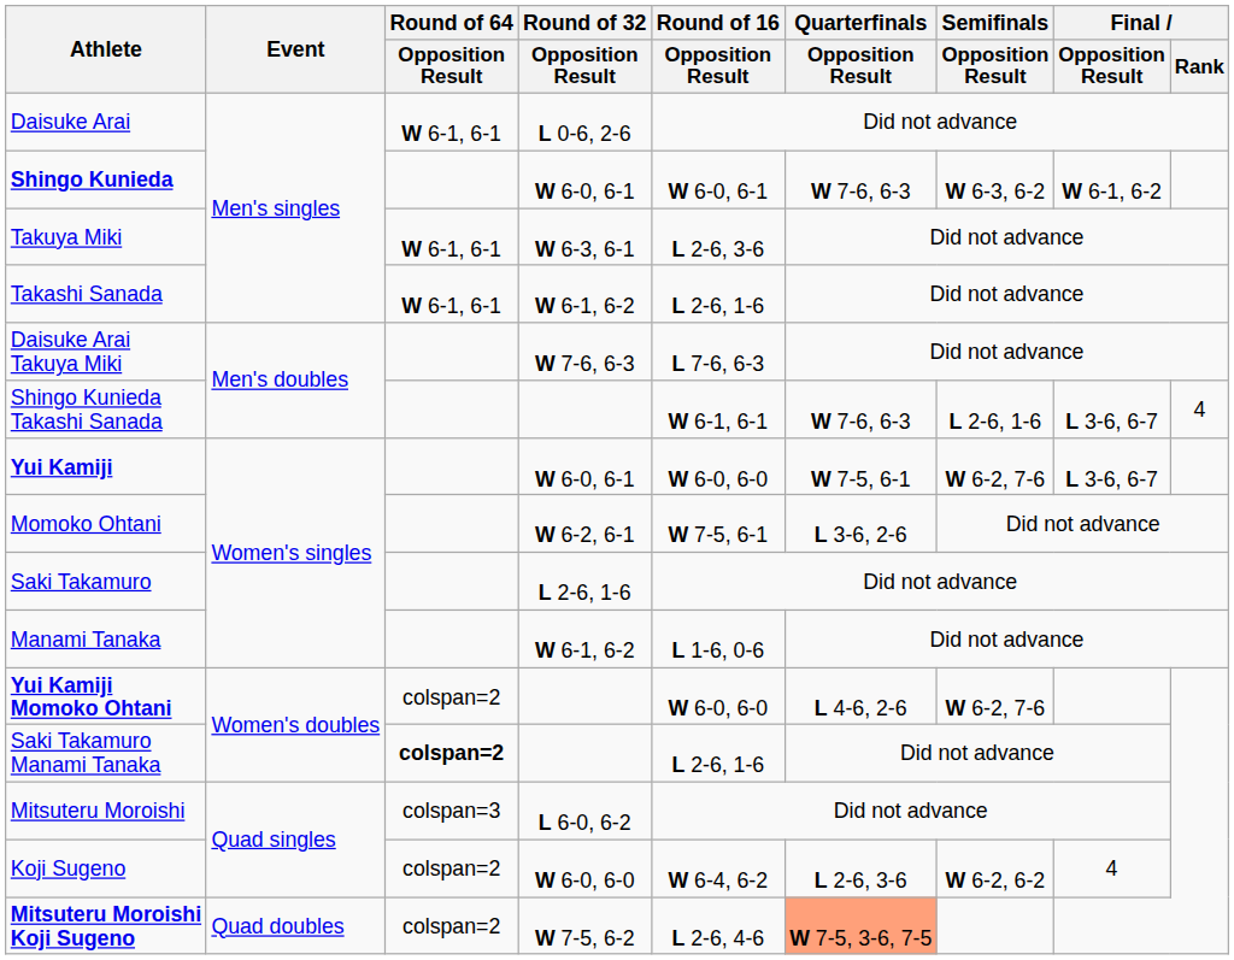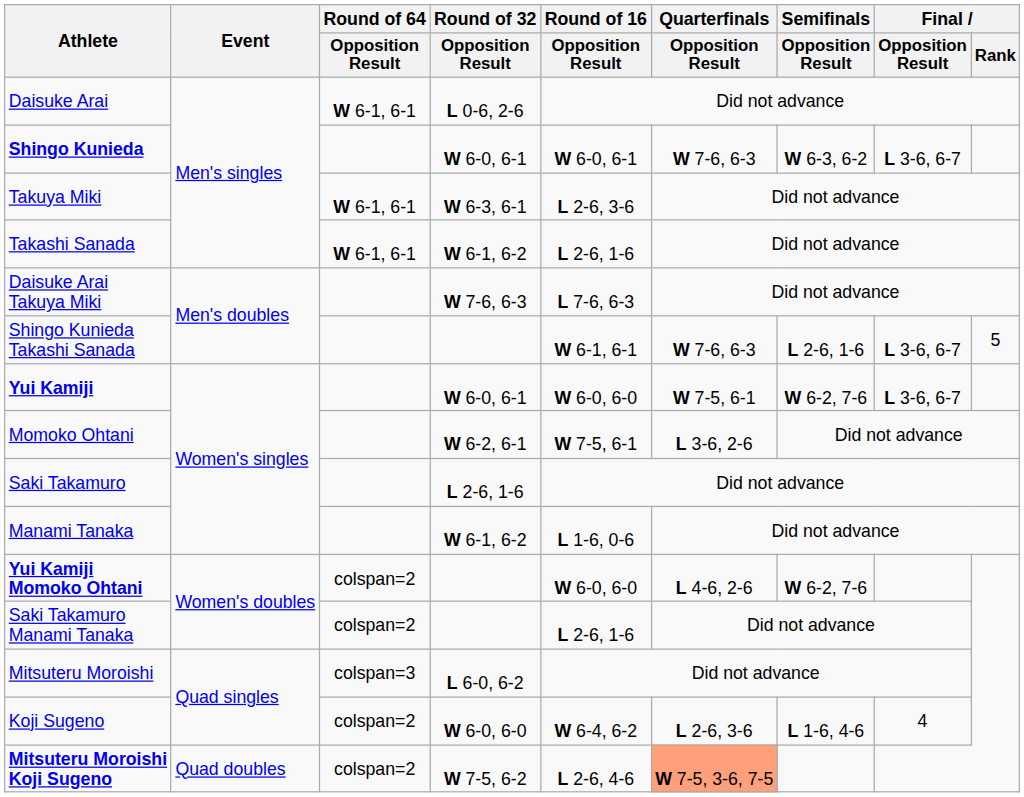 <table class="wikitable" style="font-size:90%;">
 <tr>
 <th rowspan=2>Athlete</th>
 <th rowspan=2>Event</th>
 <th>Round of 64</th>
 <th>Round of 32</th>
 <th>Round of 16</th>
 <th>Quarterfinals</th>
 <th>Semifinals</th>
 <th colspan=2>Final / </th>
 </tr>
 <tr style="font-size:95%">
 <th>Opposition<br>Result</th>
 <th>Opposition<br>Result</th>
 <th>Opposition<br>Result</th>
 <th>Opposition<br>Result</th>
 <th>Opposition<br>Result</th>
 <th>Opposition<br>Result</th>
 <th>Rank</th>
 </tr>
 <tr align=center>
 <td align=left><a href='#'>Daisuke Arai</a></td>
 <td rowspan=4 align=left><a href='#'>Men's singles</a></td>
 <td><br> <strong>W</strong> 6-1, 6-1</td>
 <td><br> <strong>L</strong> 0-6, 2-6</td>
 <td colspan=5>Did not advance</td>
 </tr>
 <tr align=center>
 <td align=left><strong><a href='#'>Shingo Kunieda</a></strong></td>
 <td></td>
 <td><br> <strong>W</strong> 6-0, 6-1</td>
 <td><br> <strong>W</strong> 6-0, 6-1</td>
 <td><br> <strong>W</strong> 7-6, 6-3</td>
 <td><br> <strong>W</strong> 6-3, 6-2</td>
-<td><br> <strong>W</strong> 6-1, 6-2</td>
+<td><br> <strong>L</strong> 3-6, 6-7</td>
 <td></td>
 </tr>
 <tr align=center>
 <td align=left><a href='#'>Takuya Miki</a></td>
 <td><br> <strong>W</strong> 6-1, 6-1</td>
 <td><br> <strong>W</strong> 6-3, 6-1</td>
 <td><br> <strong>L</strong> 2-6, 3-6</td>
 <td colspan=4>Did not advance</td>
 </tr>
 <tr align=center>
 <td align=left><a href='#'>Takashi Sanada</a></td>
 <td><br> <strong>W</strong> 6-1, 6-1</td>
 <td><br> <strong>W</strong> 6-1, 6-2</td>
 <td><br> <strong>L</strong> 2-6, 1-6</td>
 <td colspan=4>Did not advance</td>
 </tr>
 <tr align=center>
 <td align=left><a href='#'>Daisuke Arai</a><br><a href='#'>Takuya Miki</a></td>
 <td rowspan=2 align=left><a href='#'>Men's doubles</a></td>
 <td></td>
 <td><br> <strong>W</strong> 7-6, 6-3</td>
 <td><br> <strong>L</strong> 7-6, 6-3</td>
 <td colspan=4>Did not advance</td>
 </tr>
 <tr align=center>
 <td align=left><a href='#'>Shingo Kunieda</a><br><a href='#'>Takashi Sanada</a></td>
 <td></td>
 <td></td>
 <td><br> <strong>W</strong> 6-1, 6-1</td>
 <td><br> <strong>W</strong> 7-6, 6-3</td>
 <td><br> <strong>L</strong> 2-6, 1-6</td>
 <td><br> <strong>L</strong> 3-6, 6-7</td>
-<td>4</td>
+<td>5</td>
 </tr>
 <tr align=center>
 <td align=left><strong><a href='#'>Yui Kamiji</a></strong></td>
 <td rowspan=4 align=left><a href='#'>Women's singles</a></td>
 <td></td>
 <td><br> <strong>W</strong> 6-0, 6-1</td>
 <td><br> <strong>W</strong> 6-0, 6-0</td>
 <td><br> <strong>W</strong> 7-5, 6-1</td>
 <td><br> <strong>W</strong> 6-2, 7-6</td>
 <td><br> <strong>L</strong> 3-6, 6-7</td>
 <td></td>
 </tr>
 <tr align=center>
 <td align=left><a href='#'>Momoko Ohtani</a></td>
 <td></td>
 <td><br> <strong>W</strong> 6-2, 6-1</td>
 <td><br> <strong>W</strong> 7-5, 6-1</td>
 <td><br> <strong>L</strong> 3-6, 2-6</td>
 <td colspan=3>Did not advance</td>
 </tr>
 <tr align=center>
 <td align=left><a href='#'>Saki Takamuro</a></td>
 <td></td>
 <td><br> <strong>L</strong> 2-6, 1-6</td>
 <td colspan=5>Did not advance</td>
 </tr>
 <tr align=center>
 <td align=left><a href='#'>Manami Tanaka</a></td>
 <td></td>
 <td><br> <strong>W</strong> 6-1, 6-2</td>
 <td><br> <strong>L</strong> 1-6, 0-6</td>
 <td colspan=5>Did not advance</td>
 </tr>
 <tr align=center>
 <td align=left><strong><a href='#'>Yui Kamiji</a><br><a href='#'>Momoko Ohtani</a></strong></td>
 <td rowspan=2 align=left><a href='#'>Women's doubles</a></td>
 <td>colspan=2 </td>
 <td></td>
 <td><br> <strong>W</strong> 6-0, 6-0</td>
 <td><br> <strong>L</strong> 4-6, 2-6</td>
 <td><br> <strong>W</strong> 6-2, 7-6</td>
 <td></td>
 </tr>
 <tr align=center>
 <td align=left><a href='#'>Saki Takamuro</a><br><a href='#'>Manami Tanaka</a></td>
-<td><strong>colspan=2 </strong></td>
+<td>colspan=2 </td>
 <td></td>
 <td><br> <strong>L</strong> 2-6, 1-6</td>
 <td colspan=3>Did not advance</td>
 </tr>
 <tr align=center>
 <td align=left><a href='#'>Mitsuteru Moroishi</a></td>
 <td rowspan=2 align=left><a href='#'>Quad singles</a></td>
 <td>colspan=3 </td>
 <td><br> <strong>L</strong> 6-0, 6-2</td>
 <td colspan=4>Did not advance</td>
 </tr>
 <tr align=center>
 <td align=left><a href='#'>Koji Sugeno</a></td>
 <td>colspan=2 </td>
 <td><br> <strong>W</strong> 6-0, 6-0</td>
 <td><br> <strong>W</strong> 6-4, 6-2</td>
 <td><br> <strong>L</strong> 2-6, 3-6</td>
-<td><br> <strong>W</strong> 6-2, 6-2</td>
+<td><br> <strong>L</strong> 1-6, 4-6</td>
 <td>4</td>
 </tr>
 <tr align=center>
 <td align=left><strong><a href='#'>Mitsuteru Moroishi</a><br><a href='#'>Koji Sugeno</a></strong></td>
 <td align=left><a href='#'>Quad doubles</a></td>
 <td>colspan=2 </td>
 <td><br> <strong>W</strong> 7-5, 6-2</td>
 <td><br> <strong>L</strong> 2-6, 4-6</td>
 <td style="background: lightsalmon;"><br> <strong>W</strong> 7-5, 3-6, 7-5</td>
 <td></td>
 </tr>
 </table>
